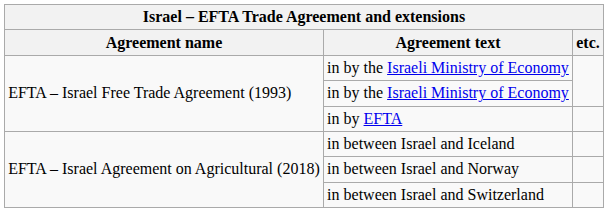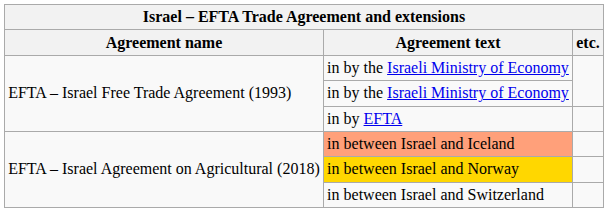 <table class="wikitable mw-collapsible mw-collapsed">
 <tr>
 <th colspan="3">Israel – EFTA Trade Agreement and extensions</th>
 </tr>
 <tr>
 <th>Agreement name</th>
 <th>Agreement text</th>
 <th>etc.</th>
 </tr>
 <tr>
 <td rowspan="3">EFTA – Israel Free Trade Agreement (1993)</td>
 <td>in  by the <a href='#'>Israeli Ministry of Economy</a></td>
 <td rowspan="2"></td>
 </tr>
 <tr>
 <td>in  by the <a href='#'>Israeli Ministry of Economy</a></td>
 </tr>
 <tr>
 <td>in  by <a href='#'>EFTA</a></td>
 <td></td>
 </tr>
 <tr>
 <td rowspan="3">EFTA – Israel Agreement on Agricultural (2018)</td>
-<td>in  between Israel and Iceland</td>
+<td style="background: lightsalmon;">in  between Israel and Iceland</td>
 <td></td>
 </tr>
 <tr>
-<td>in  between Israel and Norway</td>
+<td style="background: gold;">in  between Israel and Norway</td>
 <td></td>
 </tr>
 <tr>
 <td>in  between Israel and Switzerland</td>
 <td></td>
 </tr>
 </table>
